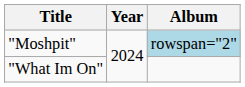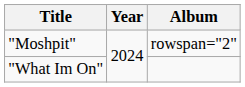 <table class="wikitable plainrowheaders">
 <tr>
 <th scope="col">Title</th>
 <th scope="col">Year</th>
 <th scope="col">Album</th>
 </tr>
 <tr>
 <td scope="row">"Moshpit"<br></td>
 <td rowspan="2">2024</td>
-<td style="background: lightblue;">rowspan="2" </td>
+<td>rowspan="2" </td>
 </tr>
 <tr>
 <td scope="row">"What Im On"<br></td>
 </tr>
 </table>
